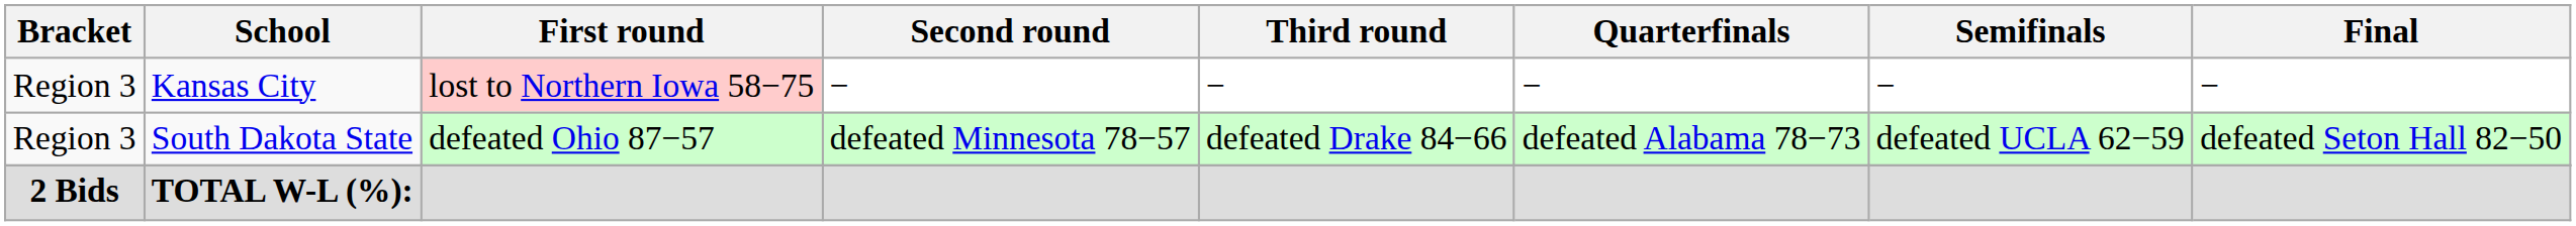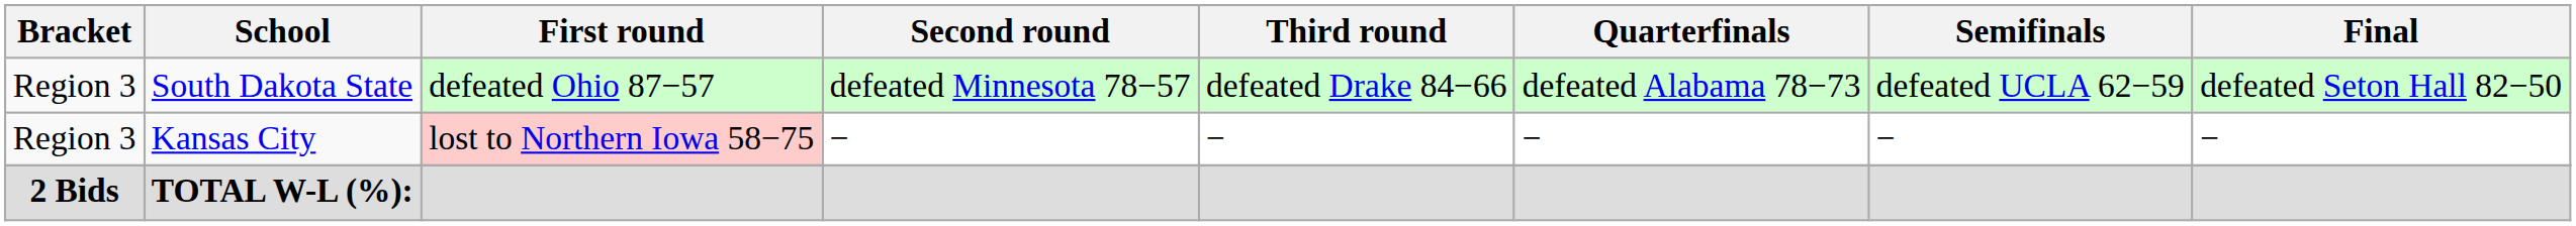 <table class="sortable wikitable" style="white-space:nowrap; font-size:100%;">
 <tr>
 <th>Bracket</th>
 <th>School</th>
 <th>First round</th>
 <th>Second round</th>
 <th>Third round</th>
 <th>Quarterfinals</th>
 <th>Semifinals</th>
 <th>Final</th>
 </tr>
 <tr>
 <td>Region 3</td>
+<td><a href='#'>South Dakota State</a></td>
+<td style="background:#cfc;">defeated <a href='#'>Ohio</a> 87−57</td>
+<td style="background:#cfc;">defeated <a href='#'>Minnesota</a> 78−57</td>
+<td style="background:#cfc;">defeated <a href='#'>Drake</a> 84−66</td>
+<td style="background:#cfc;">defeated <a href='#'>Alabama</a> 78−73</td>
+<td style="background:#cfc;">defeated <a href='#'>UCLA</a> 62−59</td>
+<td style="background:#cfc;">defeated <a href='#'>Seton Hall</a> 82−50</td>
+</tr>
+<tr>
+<td>Region 3</td>
 <td><a href='#'>Kansas City</a></td>
 <td style="background:#fcc;">lost to <a href='#'>Northern Iowa</a> 58−75</td>
 <td style="background:#fff;">−</td>
 <td style="background:#fff;">−</td>
 <td style="background:#fff;">−</td>
 <td style="background:#fff;">−</td>
 <td style="background:#fff;">−</td>
-</tr>
-<tr>
-<td>Region 3</td>
-<td><a href='#'>South Dakota State</a></td>
-<td style="background:#cfc;">defeated <a href='#'>Ohio</a> 87−57</td>
-<td style="background:#cfc;">defeated <a href='#'>Minnesota</a> 78−57</td>
-<td style="background:#cfc;">defeated <a href='#'>Drake</a> 84−66</td>
-<td style="background:#cfc;">defeated <a href='#'>Alabama</a> 78−73</td>
-<td style="background:#cfc;">defeated <a href='#'>UCLA</a> 62−59</td>
-<td style="background:#cfc;">defeated <a href='#'>Seton Hall</a> 82−50</td>
 </tr>
 <tr>
 </tr>
 <tr class="sortbottom" style="text-align:center; background:#ddd;">
 <td><strong>2 Bids</strong></td>
 <td><strong>TOTAL W-L (%):</strong> </td>
 <td></td>
 <td></td>
 <td></td>
 <td></td>
 <td></td>
 <td></td>
 </tr>
 </table>
